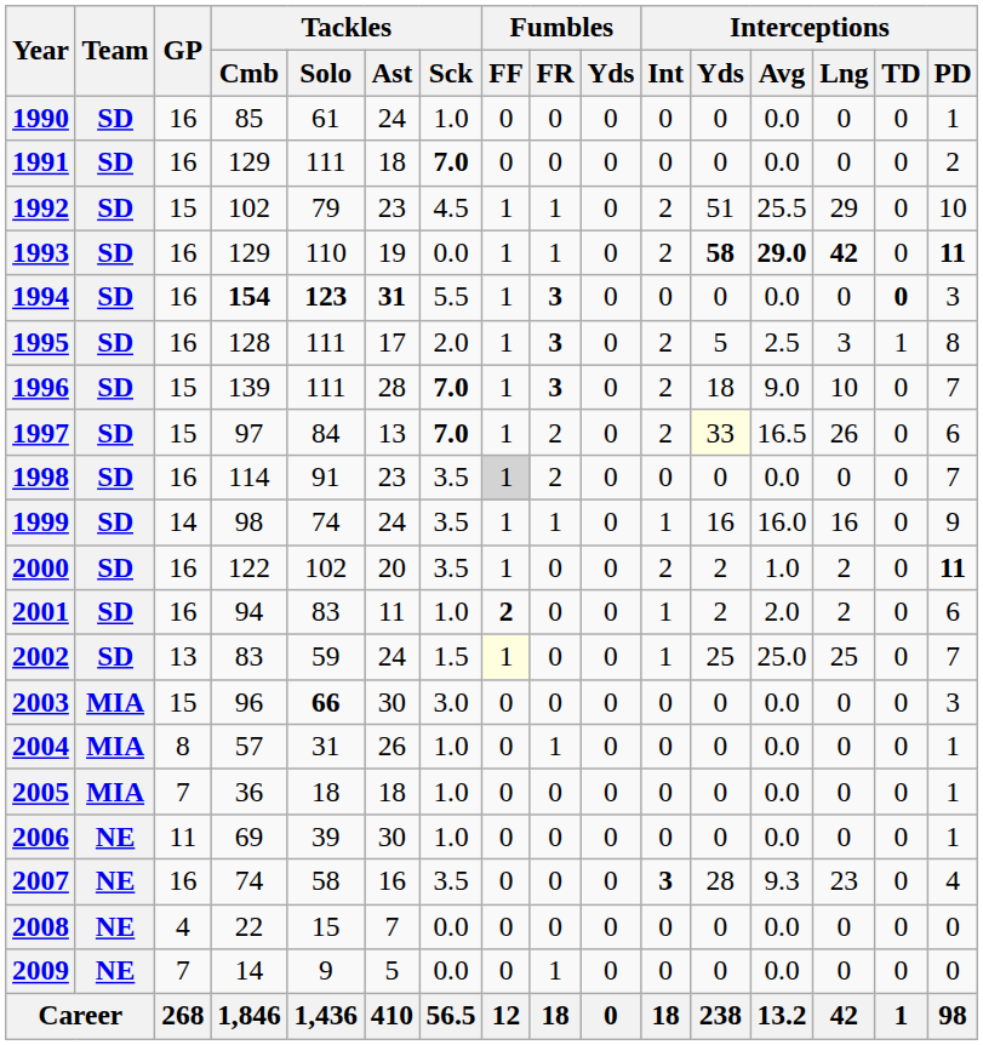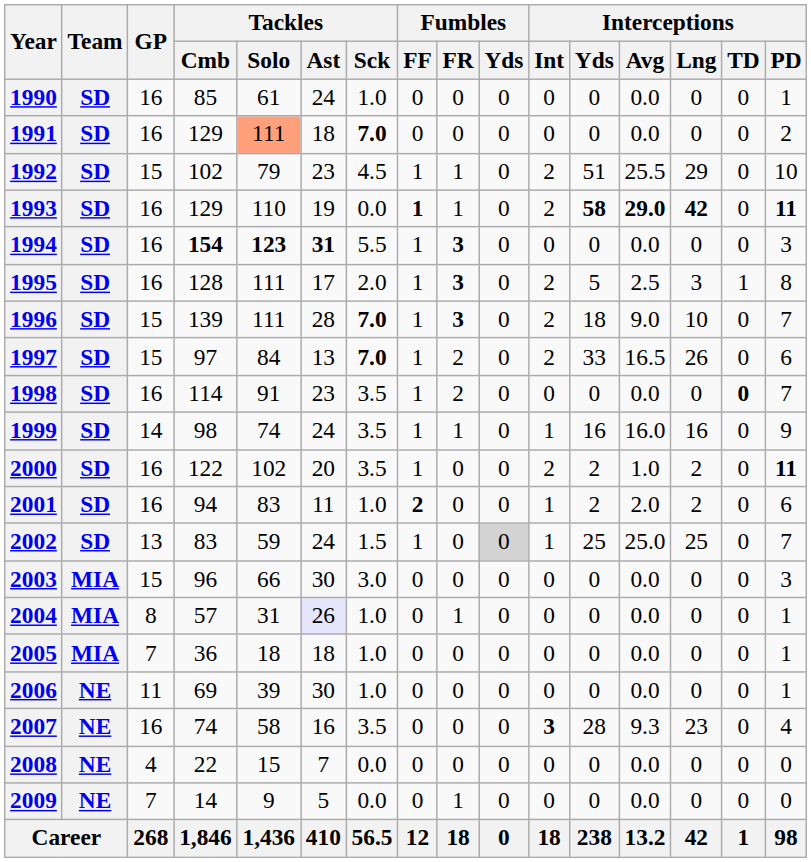 <table class="wikitable" style="text-align:center;">
 <tr>
 <th rowspan="2">Year</th>
 <th rowspan="2">Team</th>
 <th rowspan="2">GP</th>
 <th colspan="4">Tackles</th>
 <th colspan="3">Fumbles</th>
 <th colspan="6">Interceptions</th>
 </tr>
 <tr>
 <th>Cmb</th>
 <th>Solo</th>
 <th>Ast</th>
 <th>Sck</th>
 <th>FF</th>
 <th>FR</th>
 <th>Yds</th>
 <th>Int</th>
 <th>Yds</th>
 <th>Avg</th>
 <th>Lng</th>
 <th>TD</th>
 <th>PD</th>
 </tr>
 <tr>
 <th><a href='#'>1990</a></th>
 <th><a href='#'>SD</a></th>
 <td>16</td>
 <td>85</td>
 <td>61</td>
 <td>24</td>
 <td>1.0</td>
 <td>0</td>
 <td>0</td>
 <td>0</td>
 <td>0</td>
 <td>0</td>
 <td>0.0</td>
 <td>0</td>
 <td>0</td>
 <td>1</td>
 </tr>
 <tr>
 <th><a href='#'>1991</a></th>
 <th><a href='#'>SD</a></th>
 <td>16</td>
 <td>129</td>
-<td>111</td>
+<td style="background: lightsalmon;">111</td>
 <td>18</td>
 <td><strong>7.0</strong></td>
 <td>0</td>
 <td>0</td>
 <td>0</td>
 <td>0</td>
 <td>0</td>
 <td>0.0</td>
 <td>0</td>
 <td>0</td>
 <td>2</td>
 </tr>
 <tr>
 <th><a href='#'>1992</a></th>
 <th><a href='#'>SD</a></th>
 <td>15</td>
 <td>102</td>
 <td>79</td>
 <td>23</td>
 <td>4.5</td>
 <td>1</td>
 <td>1</td>
 <td>0</td>
 <td>2</td>
 <td>51</td>
 <td>25.5</td>
 <td>29</td>
 <td>0</td>
 <td>10</td>
 </tr>
 <tr>
 <th><a href='#'>1993</a></th>
 <th><a href='#'>SD</a></th>
 <td>16</td>
 <td>129</td>
 <td>110</td>
 <td>19</td>
 <td>0.0</td>
-<td>1</td>
+<td><strong>1</strong></td>
 <td>1</td>
 <td>0</td>
 <td>2</td>
 <td><strong>58</strong></td>
 <td><strong>29.0</strong></td>
 <td><strong>42</strong></td>
 <td>0</td>
 <td><strong>11</strong></td>
 </tr>
 <tr>
 <th><a href='#'>1994</a></th>
 <th><a href='#'>SD</a></th>
 <td>16</td>
 <td><strong>154</strong></td>
 <td><strong>123</strong></td>
 <td><strong>31</strong></td>
 <td>5.5</td>
 <td>1</td>
 <td><strong>3</strong></td>
 <td>0</td>
 <td>0</td>
 <td>0</td>
 <td>0.0</td>
 <td>0</td>
-<td><strong>0</strong></td>
+<td>0</td>
 <td>3</td>
 </tr>
 <tr>
 <th><a href='#'>1995</a></th>
 <th><a href='#'>SD</a></th>
 <td>16</td>
 <td>128</td>
 <td>111</td>
 <td>17</td>
 <td>2.0</td>
 <td>1</td>
 <td><strong>3</strong></td>
 <td>0</td>
 <td>2</td>
 <td>5</td>
 <td>2.5</td>
 <td>3</td>
 <td>1</td>
 <td>8</td>
 </tr>
 <tr>
 <th><a href='#'>1996</a></th>
 <th><a href='#'>SD</a></th>
 <td>15</td>
 <td>139</td>
 <td>111</td>
 <td>28</td>
 <td><strong>7.0</strong></td>
 <td>1</td>
 <td><strong>3</strong></td>
 <td>0</td>
 <td>2</td>
 <td>18</td>
 <td>9.0</td>
 <td>10</td>
 <td>0</td>
 <td>7</td>
 </tr>
 <tr>
 <th><a href='#'>1997</a></th>
 <th><a href='#'>SD</a></th>
 <td>15</td>
 <td>97</td>
 <td>84</td>
 <td>13</td>
 <td><strong>7.0</strong></td>
 <td>1</td>
 <td>2</td>
 <td>0</td>
 <td>2</td>
-<td style="background: lightyellow;">33</td>
+<td>33</td>
 <td>16.5</td>
 <td>26</td>
 <td>0</td>
 <td>6</td>
 </tr>
 <tr>
 <th><a href='#'>1998</a></th>
 <th><a href='#'>SD</a></th>
 <td>16</td>
 <td>114</td>
 <td>91</td>
 <td>23</td>
 <td>3.5</td>
-<td style="background: lightgrey;">1</td>
+<td>1</td>
 <td>2</td>
 <td>0</td>
 <td>0</td>
 <td>0</td>
 <td>0.0</td>
 <td>0</td>
-<td>0</td>
+<td><strong>0</strong></td>
 <td>7</td>
 </tr>
 <tr>
 <th><a href='#'>1999</a></th>
 <th><a href='#'>SD</a></th>
 <td>14</td>
 <td>98</td>
 <td>74</td>
 <td>24</td>
 <td>3.5</td>
 <td>1</td>
 <td>1</td>
 <td>0</td>
 <td>1</td>
 <td>16</td>
 <td>16.0</td>
 <td>16</td>
 <td>0</td>
 <td>9</td>
 </tr>
 <tr>
 <th><a href='#'>2000</a></th>
 <th><a href='#'>SD</a></th>
 <td>16</td>
 <td>122</td>
 <td>102</td>
 <td>20</td>
 <td>3.5</td>
 <td>1</td>
 <td>0</td>
 <td>0</td>
 <td>2</td>
 <td>2</td>
 <td>1.0</td>
 <td>2</td>
 <td>0</td>
 <td><strong>11</strong></td>
 </tr>
 <tr>
 <th><a href='#'>2001</a></th>
 <th><a href='#'>SD</a></th>
 <td>16</td>
 <td>94</td>
 <td>83</td>
 <td>11</td>
 <td>1.0</td>
 <td><strong>2</strong></td>
 <td>0</td>
 <td>0</td>
 <td>1</td>
 <td>2</td>
 <td>2.0</td>
 <td>2</td>
 <td>0</td>
 <td>6</td>
 </tr>
 <tr>
 <th><a href='#'>2002</a></th>
 <th><a href='#'>SD</a></th>
 <td>13</td>
 <td>83</td>
 <td>59</td>
 <td>24</td>
 <td>1.5</td>
-<td style="background: lightyellow;">1</td>
+<td>1</td>
 <td>0</td>
-<td>0</td>
+<td style="background: lightgrey;">0</td>
 <td>1</td>
 <td>25</td>
 <td>25.0</td>
 <td>25</td>
 <td>0</td>
 <td>7</td>
 </tr>
 <tr>
 <th><a href='#'>2003</a></th>
 <th><a href='#'>MIA</a></th>
 <td>15</td>
 <td>96</td>
-<td><strong>66</strong></td>
+<td>66</td>
 <td>30</td>
 <td>3.0</td>
 <td>0</td>
 <td>0</td>
 <td>0</td>
 <td>0</td>
 <td>0</td>
 <td>0.0</td>
 <td>0</td>
 <td>0</td>
 <td>3</td>
 </tr>
 <tr>
 <th><a href='#'>2004</a></th>
 <th><a href='#'>MIA</a></th>
 <td>8</td>
 <td>57</td>
 <td>31</td>
-<td>26</td>
+<td style="background: lavender;">26</td>
 <td>1.0</td>
 <td>0</td>
 <td>1</td>
 <td>0</td>
 <td>0</td>
 <td>0</td>
 <td>0.0</td>
 <td>0</td>
 <td>0</td>
 <td>1</td>
 </tr>
 <tr>
 <th><a href='#'>2005</a></th>
 <th><a href='#'>MIA</a></th>
 <td>7</td>
 <td>36</td>
 <td>18</td>
 <td>18</td>
 <td>1.0</td>
 <td>0</td>
 <td>0</td>
 <td>0</td>
 <td>0</td>
 <td>0</td>
 <td>0.0</td>
 <td>0</td>
 <td>0</td>
 <td>1</td>
 </tr>
 <tr>
 <th><a href='#'>2006</a></th>
 <th><a href='#'>NE</a></th>
 <td>11</td>
 <td>69</td>
 <td>39</td>
 <td>30</td>
 <td>1.0</td>
 <td>0</td>
 <td>0</td>
 <td>0</td>
 <td>0</td>
 <td>0</td>
 <td>0.0</td>
 <td>0</td>
 <td>0</td>
 <td>1</td>
 </tr>
 <tr>
 <th><a href='#'>2007</a></th>
 <th><a href='#'>NE</a></th>
 <td>16</td>
 <td>74</td>
 <td>58</td>
 <td>16</td>
 <td>3.5</td>
 <td>0</td>
 <td>0</td>
 <td>0</td>
 <td><strong>3</strong></td>
 <td>28</td>
 <td>9.3</td>
 <td>23</td>
 <td>0</td>
 <td>4</td>
 </tr>
 <tr>
 <th><a href='#'>2008</a></th>
 <th><a href='#'>NE</a></th>
 <td>4</td>
 <td>22</td>
 <td>15</td>
 <td>7</td>
 <td>0.0</td>
 <td>0</td>
 <td>0</td>
 <td>0</td>
 <td>0</td>
 <td>0</td>
 <td>0.0</td>
 <td>0</td>
 <td>0</td>
 <td>0</td>
 </tr>
 <tr>
 <th><a href='#'>2009</a></th>
 <th><a href='#'>NE</a></th>
 <td>7</td>
 <td>14</td>
 <td>9</td>
 <td>5</td>
 <td>0.0</td>
 <td>0</td>
 <td>1</td>
 <td>0</td>
 <td>0</td>
 <td>0</td>
 <td>0.0</td>
 <td>0</td>
 <td>0</td>
 <td>0</td>
 </tr>
 <tr>
 <th colspan="2">Career</th>
 <th>268</th>
 <th>1,846</th>
 <th>1,436</th>
 <th>410</th>
 <th>56.5</th>
 <th>12</th>
 <th>18</th>
 <th>0</th>
 <th>18</th>
 <th>238</th>
 <th>13.2</th>
 <th>42</th>
 <th>1</th>
 <th>98</th>
 </tr>
 </table>
